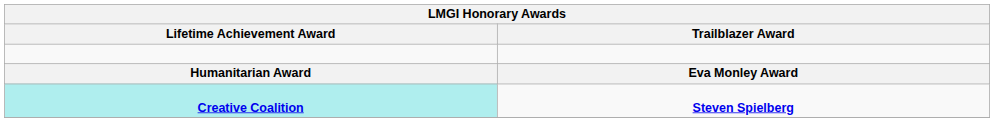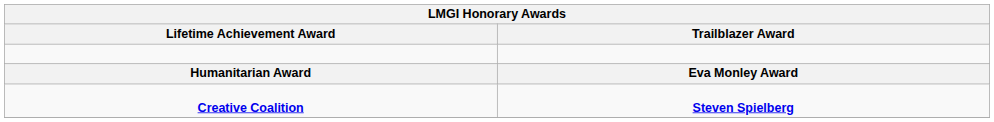 <table class=wikitable width="100%">
 <tr>
 <th colspan="2">LMGI Honorary Awards</th>
 </tr>
 <tr>
 <th width="50%">Lifetime Achievement Award</th>
 <th width="50%">Trailblazer Award</th>
 </tr>
 <tr>
 <td valign="top" style="text-align:center;"><br><strong></strong></td>
 <td valign="top" style="text-align:center;"><br><strong></strong></td>
 </tr>
 <tr>
 <th>Humanitarian Award</th>
 <th>Eva Monley Award</th>
 </tr>
 <tr>
-<td valign="top" style="background: paleturquoise; text-align:center;”"><br><strong><a href='#'>Creative Coalition</a></strong></td>
+<td valign="top" style="text-align:center;”"><br><strong><a href='#'>Creative Coalition</a></strong></td>
 <td valign="top" style="text-align:center;”"><br><strong><a href='#'>Steven Spielberg</a></strong></td>
 </tr>
 <tr>
 </tr>
 </table>
